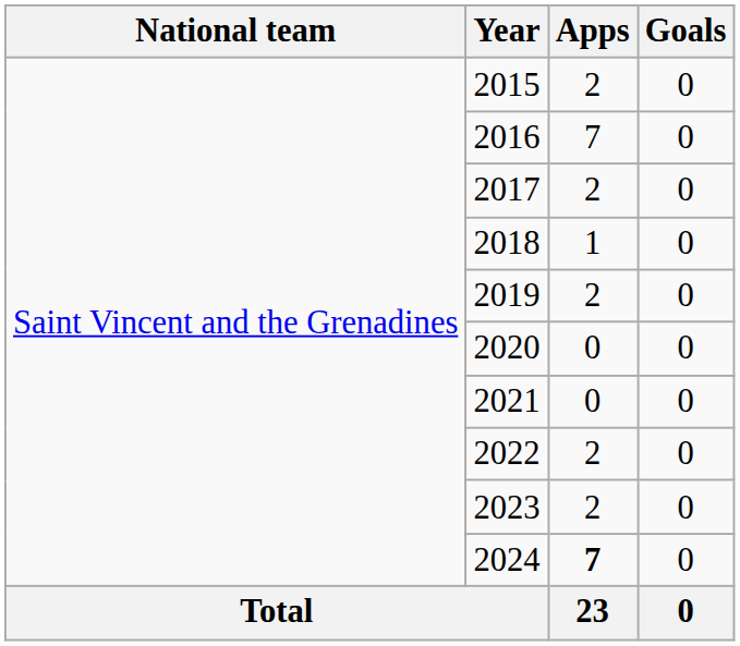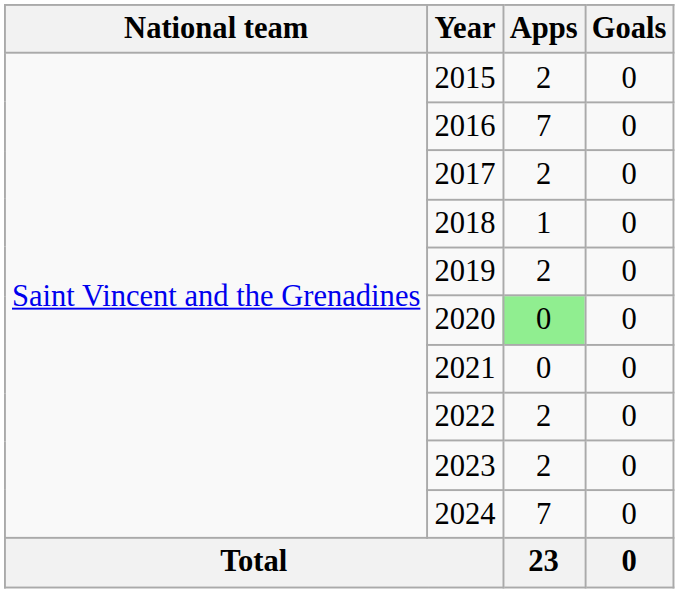 <table class="wikitable" style="text-align:center">
 <tr>
 <th>National team</th>
 <th>Year</th>
 <th>Apps</th>
 <th>Goals</th>
 </tr>
 <tr>
 <td rowspan="10"><a href='#'>Saint Vincent and the Grenadines</a></td>
 <td>2015</td>
 <td>2</td>
 <td>0</td>
 </tr>
 <tr>
 <td>2016</td>
 <td>7</td>
 <td>0</td>
 </tr>
 <tr>
 <td>2017</td>
 <td>2</td>
 <td>0</td>
 </tr>
 <tr>
 <td>2018</td>
 <td>1</td>
 <td>0</td>
 </tr>
 <tr>
 <td>2019</td>
 <td>2</td>
 <td>0</td>
 </tr>
 <tr>
 <td>2020</td>
-<td>0</td>
+<td style="background: lightgreen;">0</td>
 <td>0</td>
 </tr>
 <tr>
 <td>2021</td>
 <td>0</td>
 <td>0</td>
 </tr>
 <tr>
 <td>2022</td>
 <td>2</td>
 <td>0</td>
 </tr>
 <tr>
 <td>2023</td>
 <td>2</td>
 <td>0</td>
 </tr>
 <tr>
 <td>2024</td>
-<td><strong>7</strong></td>
+<td>7</td>
 <td>0</td>
 </tr>
 <tr>
 <th colspan="2">Total</th>
 <th>23</th>
 <th>0</th>
 </tr>
 </table>
